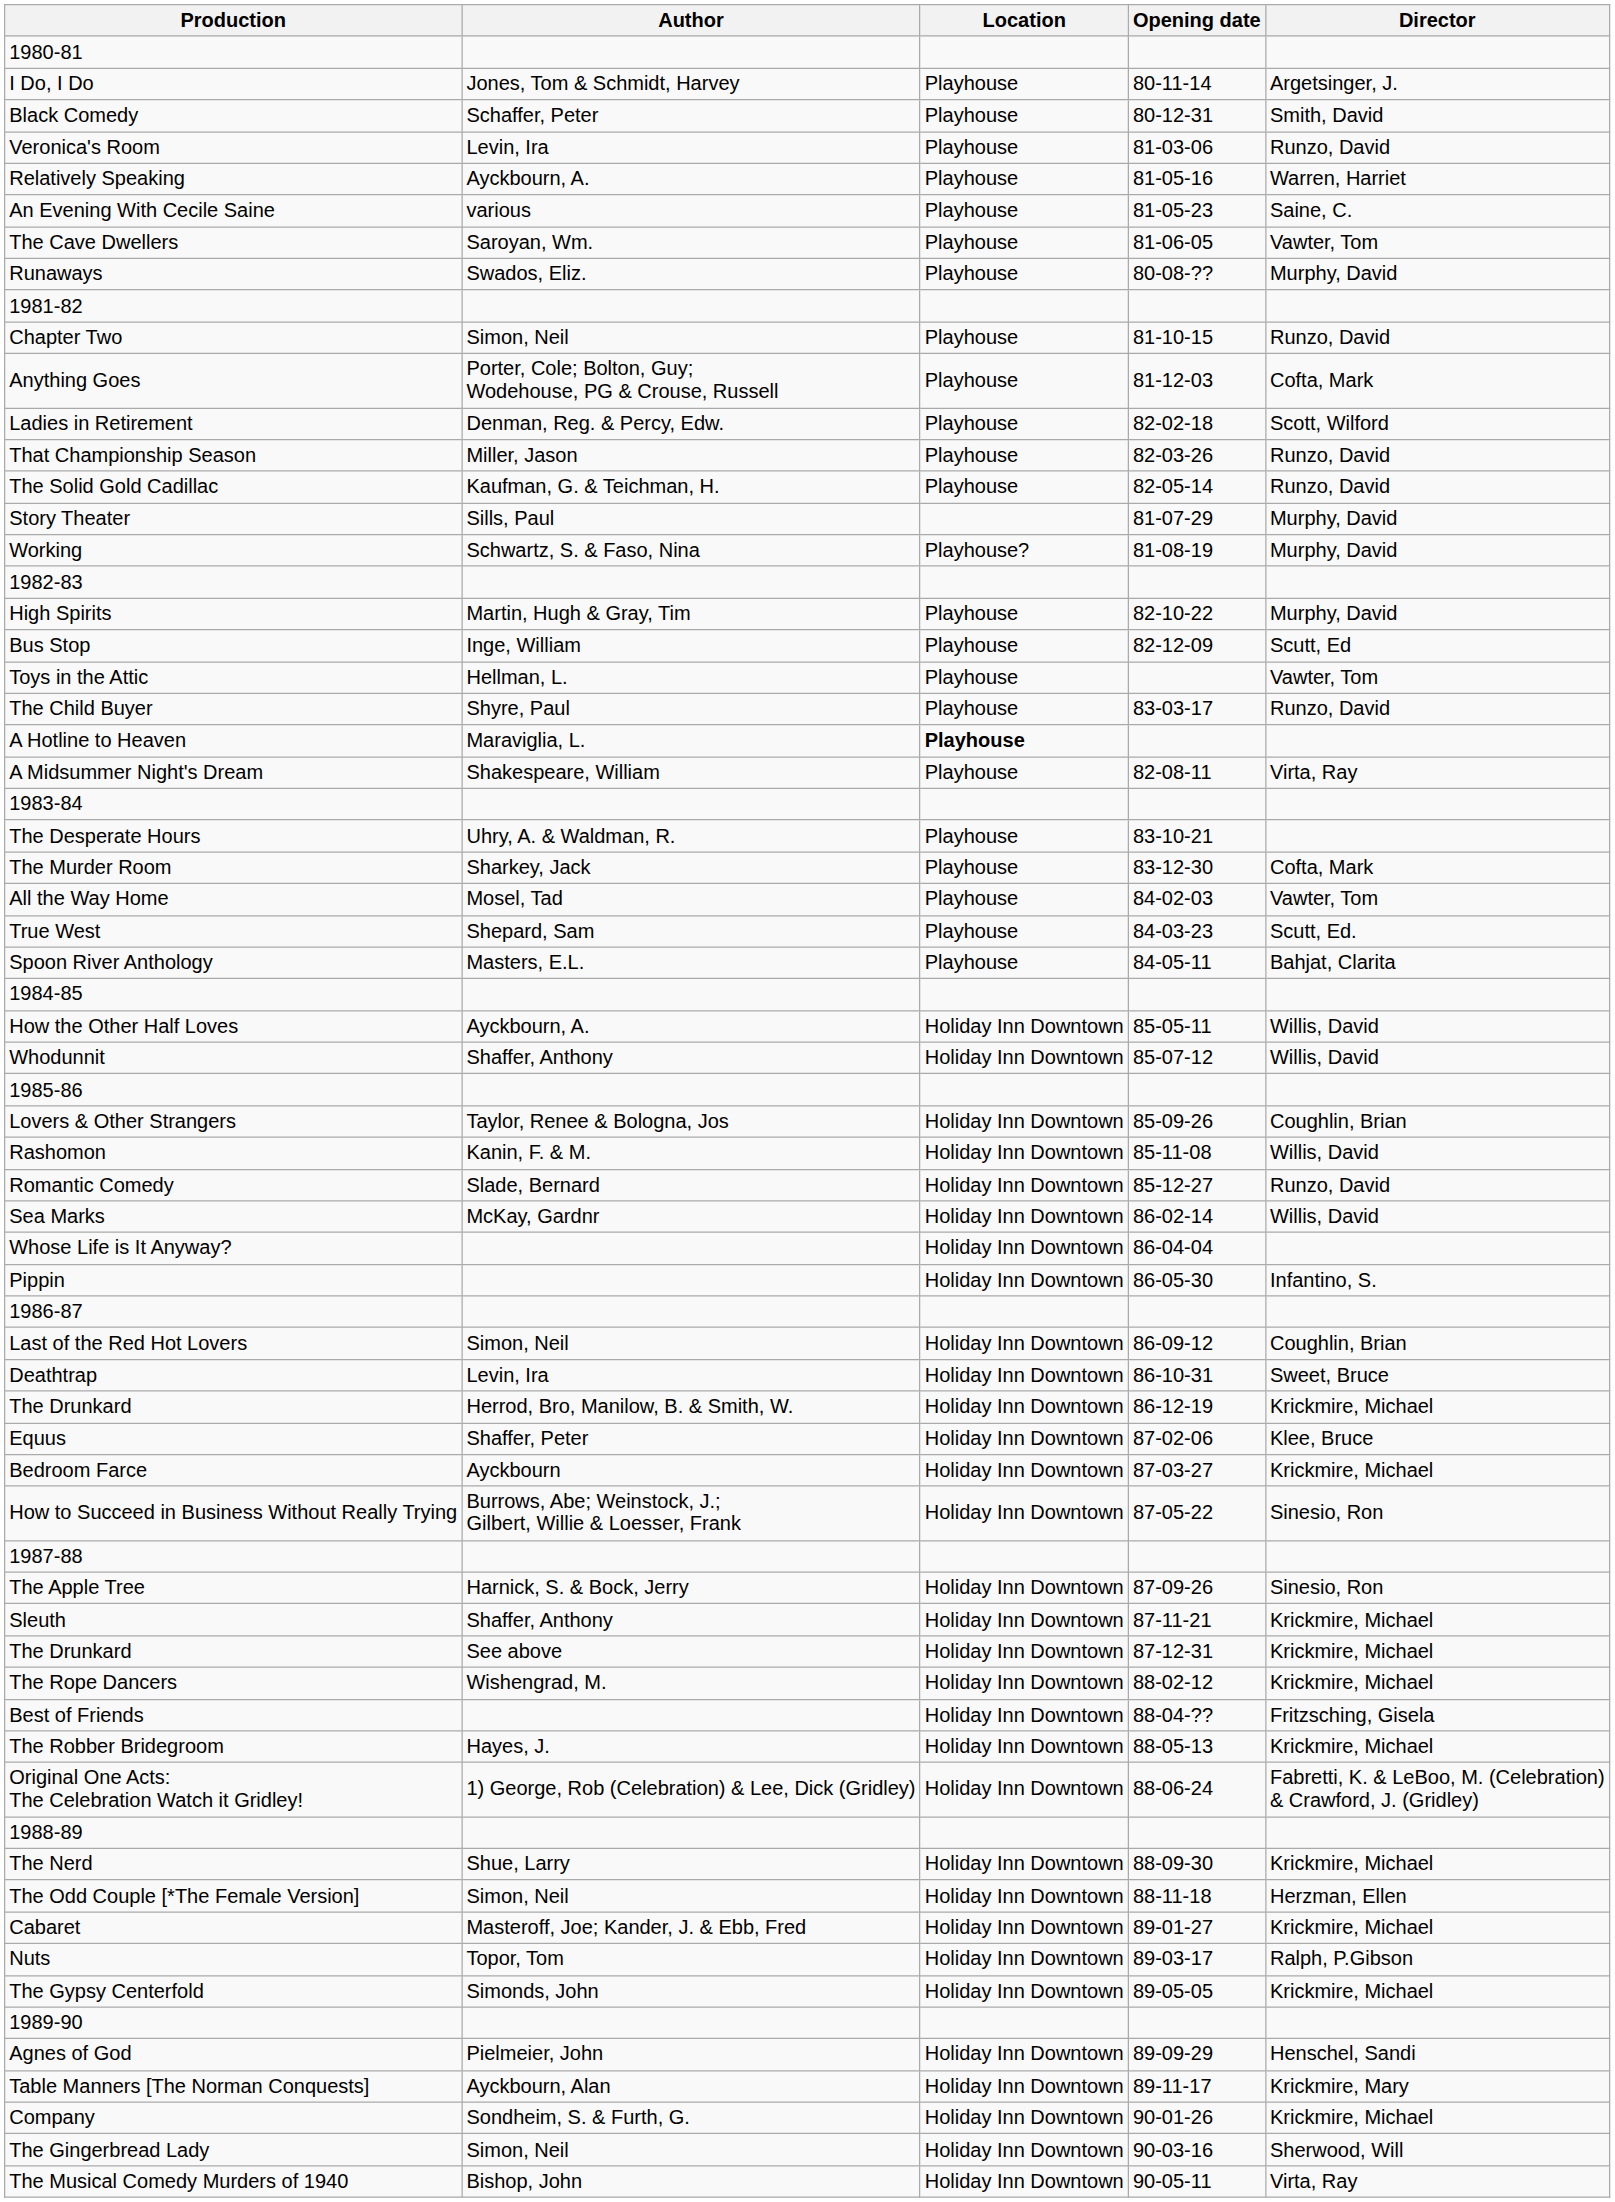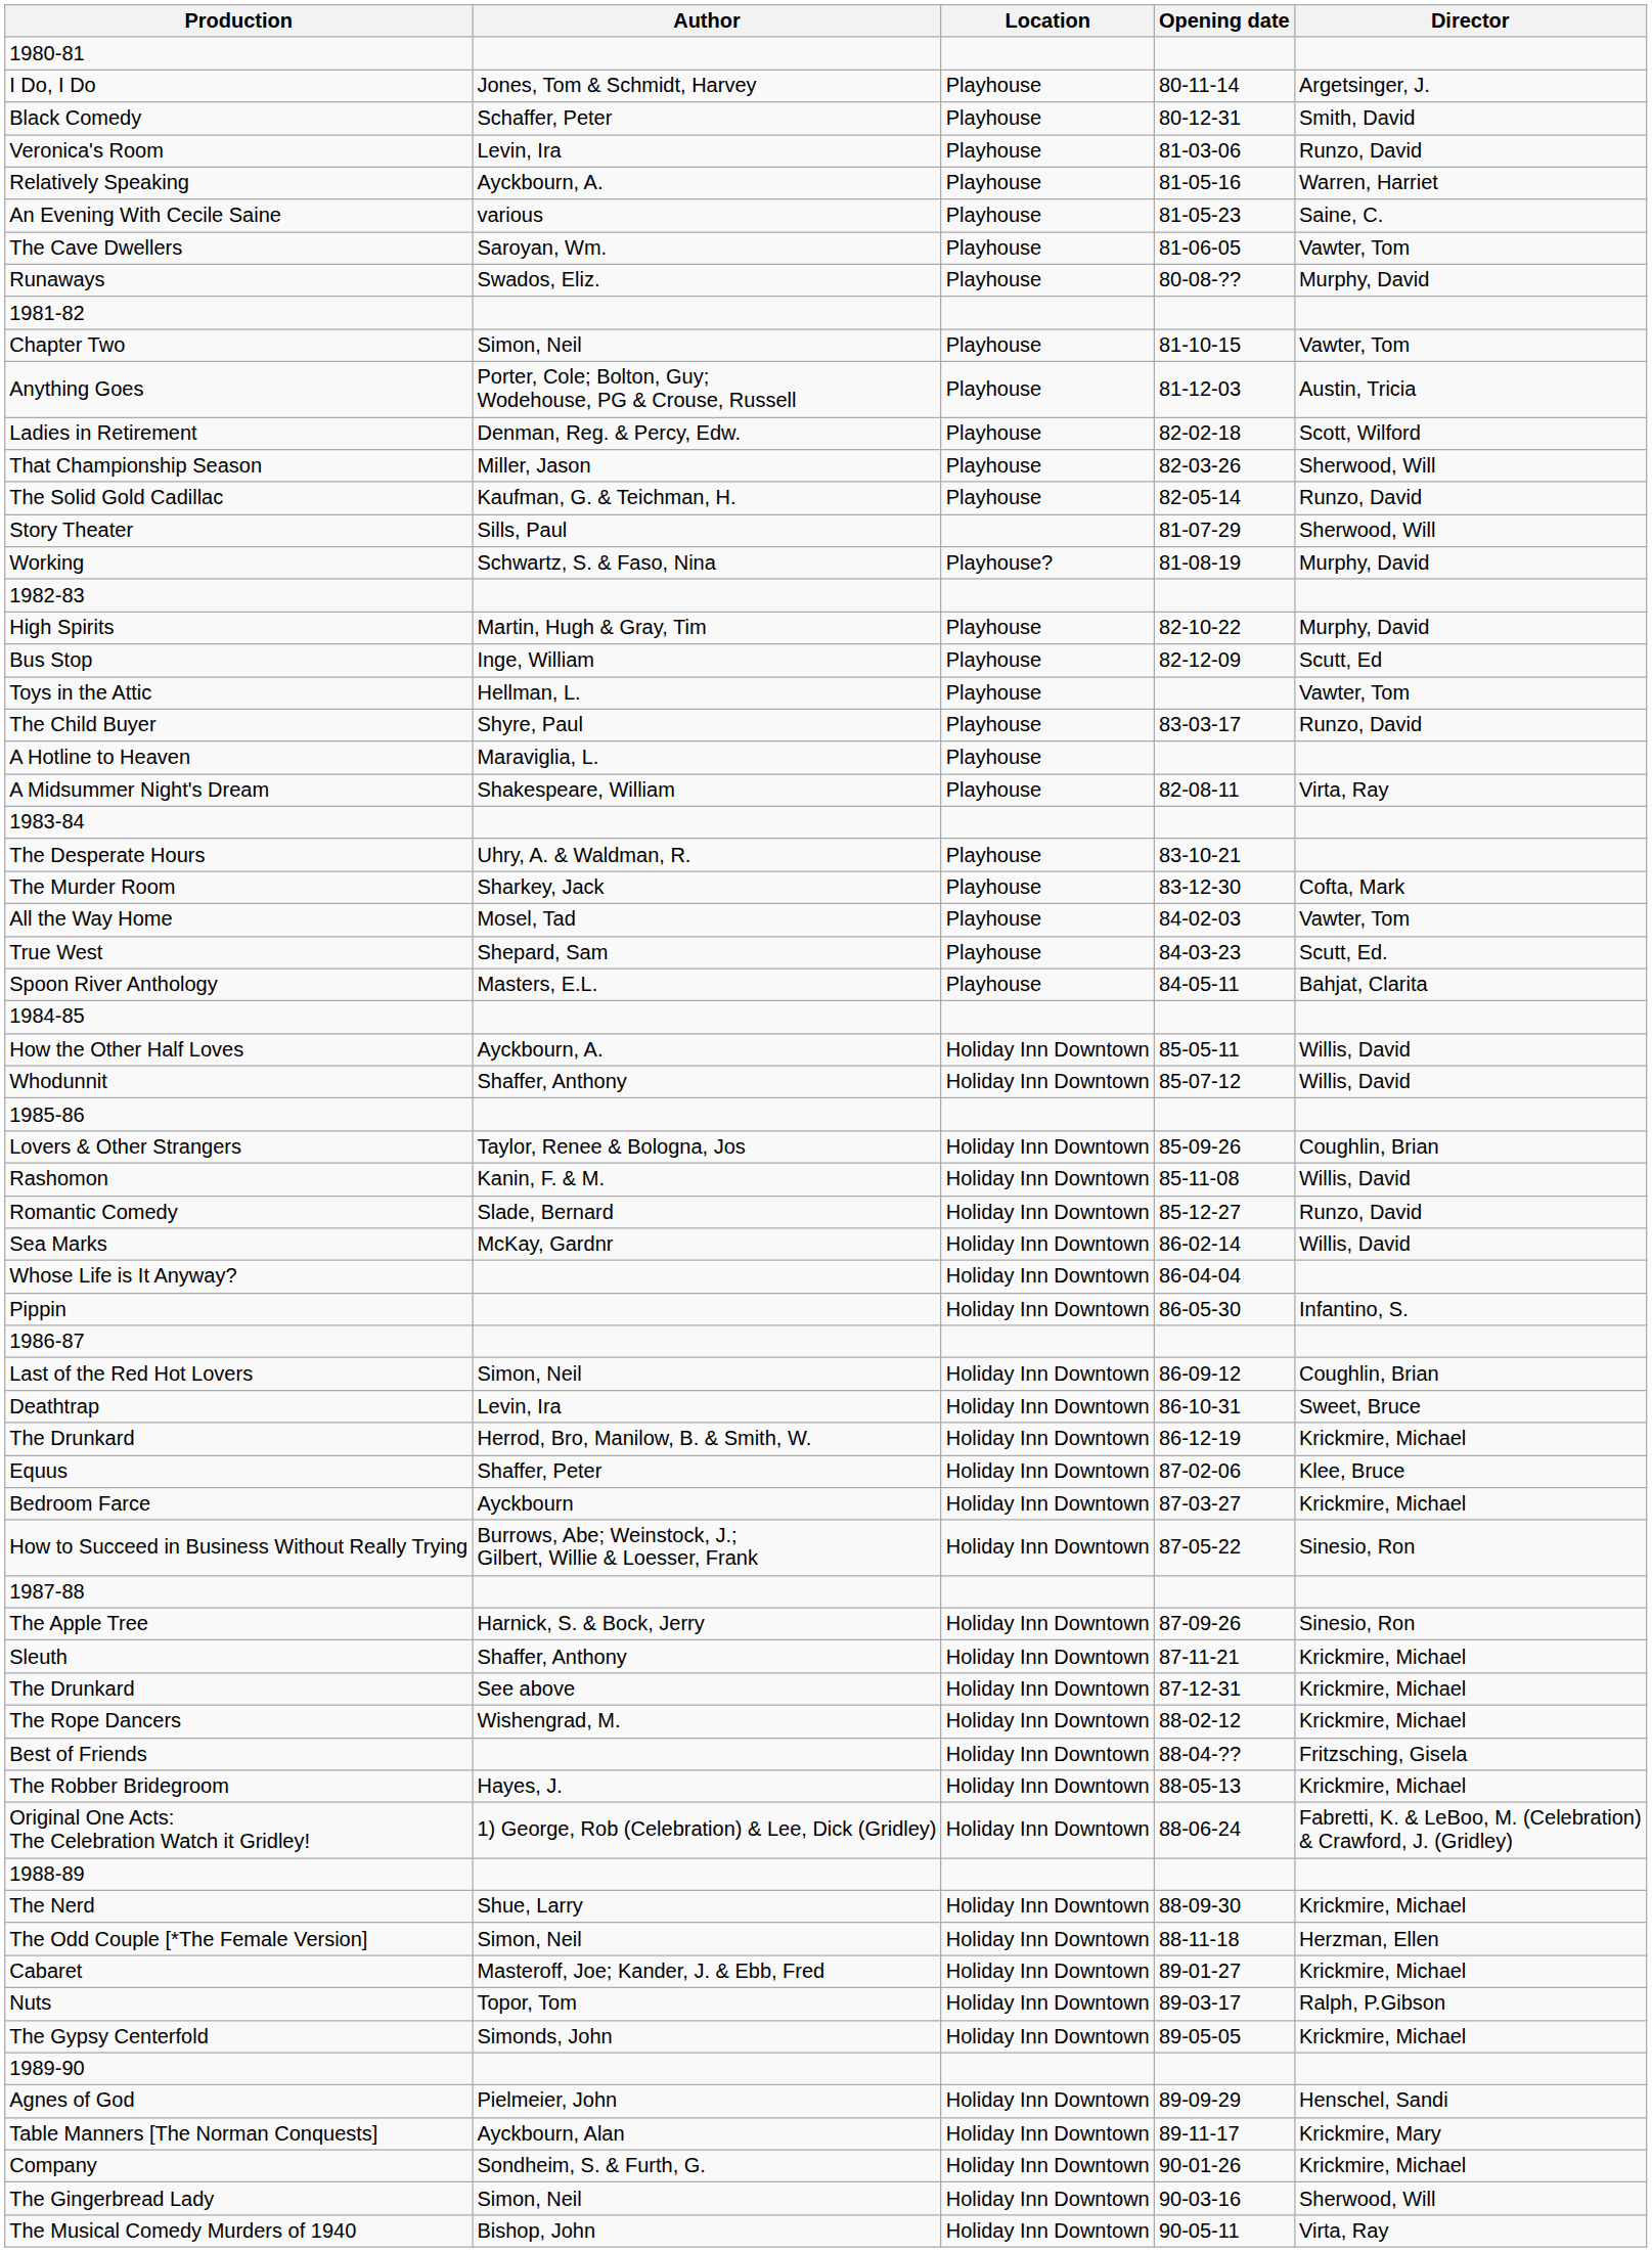 <table class="wikitable" border="1">
 <tr>
 <th>Production</th>
 <th>Author</th>
 <th>Location</th>
 <th>Opening date</th>
 <th>Director</th>
 </tr>
 <tr>
 <td>1980-81</td>
 <td></td>
 <td></td>
 <td></td>
 <td></td>
 </tr>
 <tr>
 <td>I Do, I Do</td>
 <td>Jones, Tom & Schmidt, Harvey</td>
 <td>Playhouse</td>
 <td>80-11-14</td>
 <td>Argetsinger, J.</td>
 </tr>
 <tr>
 <td>Black Comedy</td>
 <td>Schaffer, Peter</td>
 <td>Playhouse</td>
 <td>80-12-31</td>
 <td>Smith, David</td>
 </tr>
 <tr>
 <td>Veronica's Room</td>
 <td>Levin, Ira</td>
 <td>Playhouse</td>
 <td>81-03-06</td>
 <td>Runzo, David</td>
 </tr>
 <tr>
 <td>Relatively Speaking</td>
 <td>Ayckbourn, A.</td>
 <td>Playhouse</td>
 <td>81-05-16</td>
 <td>Warren, Harriet</td>
 </tr>
 <tr>
 <td>An Evening With Cecile Saine</td>
 <td>various</td>
 <td>Playhouse</td>
 <td>81-05-23</td>
 <td>Saine, C.</td>
 </tr>
 <tr>
 <td>The Cave Dwellers</td>
 <td>Saroyan, Wm.</td>
 <td>Playhouse</td>
 <td>81-06-05</td>
 <td>Vawter, Tom</td>
 </tr>
 <tr>
 <td>Runaways</td>
 <td>Swados, Eliz.</td>
 <td>Playhouse</td>
 <td>80-08-??</td>
 <td>Murphy, David</td>
 </tr>
 <tr 58>
 <td>1981-82</td>
 <td></td>
 <td></td>
 <td></td>
 <td></td>
 </tr>
 <tr>
 <td>Chapter Two</td>
 <td>Simon, Neil</td>
 <td>Playhouse</td>
 <td>81-10-15</td>
-<td>Runzo, David</td>
+<td>Vawter, Tom</td>
 </tr>
 <tr>
 <td>Anything Goes</td>
 <td>Porter, Cole; Bolton, Guy;<br>Wodehouse, PG & Crouse, Russell</td>
 <td>Playhouse</td>
 <td>81-12-03</td>
-<td>Cofta, Mark</td>
+<td>Austin, Tricia</td>
 </tr>
 <tr>
 <td>Ladies in Retirement</td>
 <td>Denman, Reg. & Percy, Edw.</td>
 <td>Playhouse</td>
 <td>82-02-18</td>
 <td>Scott, Wilford</td>
 </tr>
 <tr>
 <td>That Championship Season</td>
 <td>Miller, Jason</td>
 <td>Playhouse</td>
 <td>82-03-26</td>
-<td>Runzo, David</td>
+<td>Sherwood, Will</td>
 </tr>
 <tr>
 <td>The Solid Gold Cadillac</td>
 <td>Kaufman, G. & Teichman, H.</td>
 <td>Playhouse</td>
 <td>82-05-14</td>
 <td>Runzo, David</td>
 </tr>
 <tr>
 <td>Story Theater</td>
 <td>Sills, Paul</td>
 <td></td>
 <td>81-07-29</td>
-<td>Murphy, David</td>
+<td>Sherwood, Will</td>
 </tr>
 <tr>
 <td>Working</td>
 <td>Schwartz, S. & Faso, Nina</td>
 <td>Playhouse?</td>
 <td>81-08-19</td>
 <td>Murphy, David</td>
 </tr>
 <tr 59>
 <td>1982-83</td>
 <td></td>
 <td></td>
 <td></td>
 <td></td>
 </tr>
 <tr>
 <td>High Spirits</td>
 <td>Martin, Hugh & Gray, Tim</td>
 <td>Playhouse</td>
 <td>82-10-22</td>
 <td>Murphy, David</td>
 </tr>
 <tr>
 <td>Bus Stop</td>
 <td>Inge, William</td>
 <td>Playhouse</td>
 <td>82-12-09</td>
 <td>Scutt, Ed</td>
 </tr>
 <tr>
 <td>Toys in the Attic</td>
 <td>Hellman, L.</td>
 <td>Playhouse</td>
 <td></td>
 <td>Vawter, Tom</td>
 </tr>
 <tr>
 <td>The Child Buyer</td>
 <td>Shyre, Paul</td>
 <td>Playhouse</td>
 <td>83-03-17</td>
 <td>Runzo, David</td>
 </tr>
 <tr>
 <td>A Hotline to Heaven</td>
 <td>Maraviglia, L.</td>
-<td><strong>Playhouse</strong></td>
+<td>Playhouse</td>
 <td></td>
 <td></td>
 </tr>
 <tr>
 <td>A Midsummer Night's Dream</td>
 <td>Shakespeare, William</td>
 <td>Playhouse</td>
 <td>82-08-11</td>
 <td>Virta, Ray</td>
 </tr>
 <tr 60>
 <td>1983-84</td>
 <td></td>
 <td></td>
 <td></td>
 <td></td>
 </tr>
 <tr>
 <td>The Desperate Hours</td>
 <td>Uhry, A. & Waldman, R.</td>
 <td>Playhouse</td>
 <td>83-10-21</td>
 <td></td>
 </tr>
 <tr>
 <td>The Murder Room</td>
 <td>Sharkey, Jack</td>
 <td>Playhouse</td>
 <td>83-12-30</td>
 <td>Cofta, Mark</td>
 </tr>
 <tr>
 <td>All the Way Home</td>
 <td>Mosel, Tad</td>
 <td>Playhouse</td>
 <td>84-02-03</td>
 <td>Vawter, Tom</td>
 </tr>
 <tr>
 <td>True West</td>
 <td>Shepard, Sam</td>
 <td>Playhouse</td>
 <td>84-03-23</td>
 <td>Scutt, Ed.</td>
 </tr>
 <tr>
 <td>Spoon River Anthology</td>
 <td>Masters, E.L.</td>
 <td>Playhouse</td>
 <td>84-05-11</td>
 <td>Bahjat, Clarita</td>
 </tr>
 <tr 61>
 <td>1984-85</td>
 <td></td>
 <td></td>
 <td></td>
 <td></td>
 </tr>
 <tr>
 <td>How the Other Half Loves</td>
 <td>Ayckbourn, A.</td>
 <td>Holiday Inn Downtown</td>
 <td>85-05-11</td>
 <td>Willis, David</td>
 </tr>
 <tr>
 <td>Whodunnit</td>
 <td>Shaffer, Anthony</td>
 <td>Holiday Inn Downtown</td>
 <td>85-07-12</td>
 <td>Willis, David</td>
 </tr>
 <tr 62>
 <td>1985-86</td>
 <td></td>
 <td></td>
 <td></td>
 <td></td>
 </tr>
 <tr>
 <td>Lovers & Other Strangers</td>
 <td>Taylor, Renee & Bologna, Jos</td>
 <td>Holiday Inn Downtown</td>
 <td>85-09-26</td>
 <td>Coughlin, Brian</td>
 </tr>
 <tr>
 <td>Rashomon</td>
 <td>Kanin, F. & M.</td>
 <td>Holiday Inn Downtown</td>
 <td>85-11-08</td>
 <td>Willis, David</td>
 </tr>
 <tr>
 <td>Romantic Comedy</td>
 <td>Slade, Bernard</td>
 <td>Holiday Inn Downtown</td>
 <td>85-12-27</td>
 <td>Runzo, David</td>
 </tr>
 <tr>
 <td>Sea Marks</td>
 <td>McKay, Gardnr</td>
 <td>Holiday Inn Downtown</td>
 <td>86-02-14</td>
 <td>Willis, David</td>
 </tr>
 <tr>
 <td>Whose Life is It Anyway?</td>
 <td></td>
 <td>Holiday Inn Downtown</td>
 <td>86-04-04</td>
 <td></td>
 </tr>
 <tr>
 <td>Pippin</td>
 <td></td>
 <td>Holiday Inn Downtown</td>
 <td>86-05-30</td>
 <td>Infantino, S.</td>
 </tr>
 <tr 63>
 <td>1986-87</td>
 <td></td>
 <td></td>
 <td></td>
 <td></td>
 </tr>
 <tr>
 <td>Last of the Red Hot Lovers</td>
 <td>Simon, Neil</td>
 <td>Holiday Inn Downtown</td>
 <td>86-09-12</td>
 <td>Coughlin, Brian</td>
 </tr>
 <tr>
 <td>Deathtrap</td>
 <td>Levin, Ira</td>
 <td>Holiday Inn Downtown</td>
 <td>86-10-31</td>
 <td>Sweet, Bruce</td>
 </tr>
 <tr>
 <td>The Drunkard</td>
 <td>Herrod, Bro, Manilow, B. & Smith, W.</td>
 <td>Holiday Inn Downtown</td>
 <td>86-12-19</td>
 <td>Krickmire, Michael</td>
 </tr>
 <tr>
 <td>Equus</td>
 <td>Shaffer, Peter</td>
 <td>Holiday Inn Downtown</td>
 <td>87-02-06</td>
 <td>Klee, Bruce</td>
 </tr>
 <tr>
 <td>Bedroom Farce</td>
 <td>Ayckbourn</td>
 <td>Holiday Inn Downtown</td>
 <td>87-03-27</td>
 <td>Krickmire, Michael</td>
 </tr>
 <tr>
 <td>How to Succeed in Business Without Really Trying</td>
 <td>Burrows, Abe; Weinstock, J.;<br>Gilbert, Willie & Loesser, Frank</td>
 <td>Holiday Inn Downtown</td>
 <td>87-05-22</td>
 <td>Sinesio, Ron</td>
 </tr>
 <tr 64>
 <td>1987-88</td>
 <td></td>
 <td></td>
 <td></td>
 <td></td>
 </tr>
 <tr>
 <td>The Apple Tree</td>
 <td>Harnick, S. & Bock, Jerry</td>
 <td>Holiday Inn Downtown</td>
 <td>87-09-26</td>
 <td>Sinesio, Ron</td>
 </tr>
 <tr>
 <td>Sleuth</td>
 <td>Shaffer, Anthony</td>
 <td>Holiday Inn Downtown</td>
 <td>87-11-21</td>
 <td>Krickmire, Michael</td>
 </tr>
 <tr>
 <td>The Drunkard</td>
 <td>See above</td>
 <td>Holiday Inn Downtown</td>
 <td>87-12-31</td>
 <td>Krickmire, Michael</td>
 </tr>
 <tr>
 <td>The Rope Dancers</td>
 <td>Wishengrad, M.</td>
 <td>Holiday Inn Downtown</td>
 <td>88-02-12</td>
 <td>Krickmire, Michael</td>
 </tr>
 <tr>
 <td>Best of Friends</td>
 <td></td>
 <td>Holiday Inn Downtown</td>
 <td>88-04-??</td>
 <td>Fritzsching, Gisela</td>
 </tr>
 <tr>
 <td>The Robber Bridegroom</td>
 <td>Hayes, J.</td>
 <td>Holiday Inn Downtown</td>
 <td>88-05-13</td>
 <td>Krickmire, Michael</td>
 </tr>
 <tr>
 <td>Original One Acts:<br>The Celebration Watch it Gridley!</td>
 <td>1) George, Rob (Celebration) & Lee, Dick (Gridley)</td>
 <td>Holiday Inn Downtown</td>
 <td>88-06-24</td>
 <td>Fabretti, K. & LeBoo, M. (Celebration)<br>& Crawford, J. (Gridley)</td>
 </tr>
 <tr 65>
 <td>1988-89</td>
 <td></td>
 <td></td>
 <td></td>
 <td></td>
 </tr>
 <tr>
 <td>The Nerd</td>
 <td>Shue, Larry</td>
 <td>Holiday Inn Downtown</td>
 <td>88-09-30</td>
 <td>Krickmire, Michael</td>
 </tr>
 <tr>
 <td>The Odd Couple [*The Female Version]</td>
 <td>Simon, Neil</td>
 <td>Holiday Inn Downtown</td>
 <td>88-11-18</td>
 <td>Herzman, Ellen</td>
 </tr>
 <tr>
 <td>Cabaret</td>
 <td>Masteroff, Joe; Kander, J. & Ebb, Fred</td>
 <td>Holiday Inn Downtown</td>
 <td>89-01-27</td>
 <td>Krickmire, Michael</td>
 </tr>
 <tr>
 <td>Nuts</td>
 <td>Topor, Tom</td>
 <td>Holiday Inn Downtown</td>
 <td>89-03-17</td>
 <td>Ralph, P.Gibson</td>
 </tr>
 <tr>
 <td>The Gypsy Centerfold</td>
 <td>Simonds, John</td>
 <td>Holiday Inn Downtown</td>
 <td>89-05-05</td>
 <td>Krickmire, Michael</td>
 </tr>
 <tr 66>
 <td>1989-90</td>
 <td></td>
 <td></td>
 <td></td>
 <td></td>
 </tr>
 <tr>
 <td>Agnes of God</td>
 <td>Pielmeier, John</td>
 <td>Holiday Inn Downtown</td>
 <td>89-09-29</td>
 <td>Henschel, Sandi</td>
 </tr>
 <tr>
 <td>Table Manners [The Norman Conquests]</td>
 <td>Ayckbourn, Alan</td>
 <td>Holiday Inn Downtown</td>
 <td>89-11-17</td>
 <td>Krickmire, Mary</td>
 </tr>
 <tr>
 <td>Company</td>
 <td>Sondheim, S. & Furth, G.</td>
 <td>Holiday Inn Downtown</td>
 <td>90-01-26</td>
 <td>Krickmire, Michael</td>
 </tr>
 <tr>
 <td>The Gingerbread Lady</td>
 <td>Simon, Neil</td>
 <td>Holiday Inn Downtown</td>
 <td>90-03-16</td>
 <td>Sherwood, Will</td>
 </tr>
 <tr>
 <td>The Musical Comedy Murders of 1940</td>
 <td>Bishop, John</td>
 <td>Holiday Inn Downtown</td>
 <td>90-05-11</td>
 <td>Virta, Ray</td>
 </tr>
 </table>
